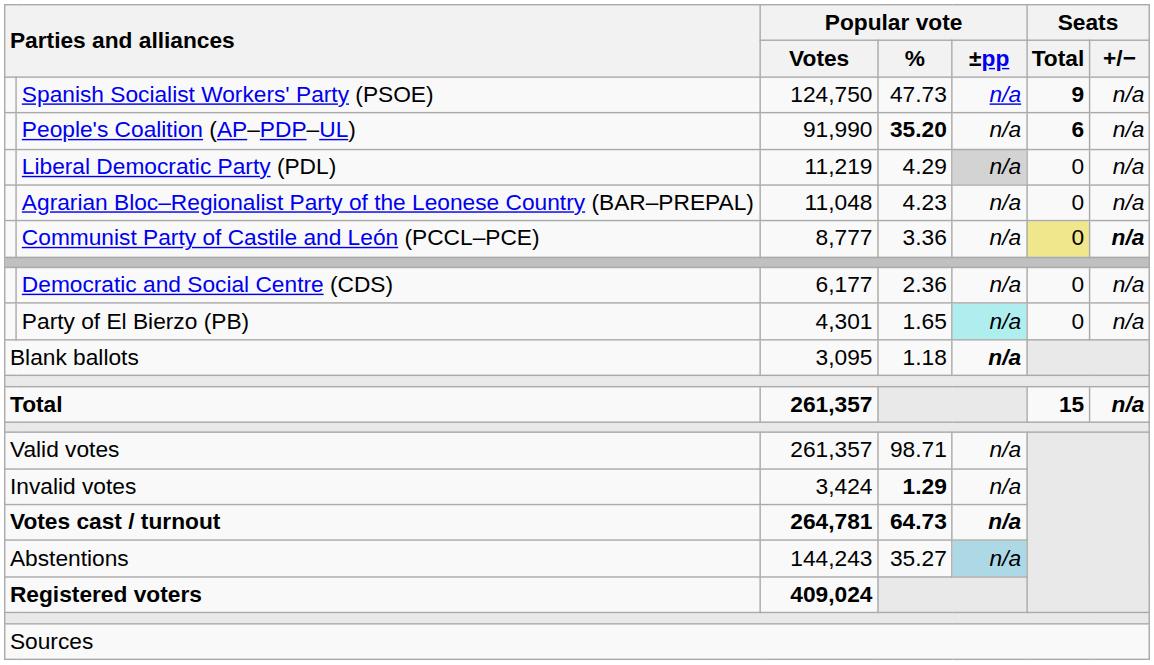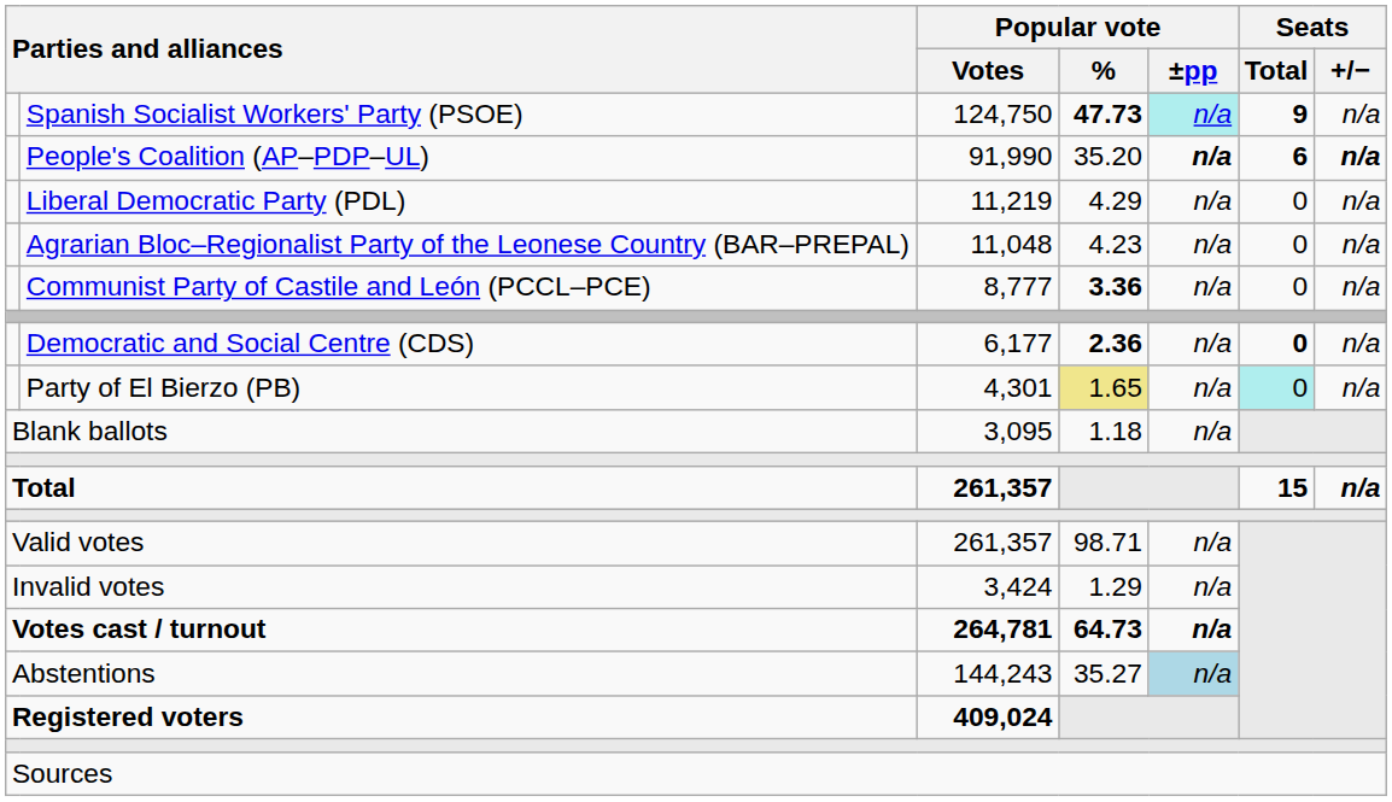 <table class="wikitable" style="text-align:right;">
 <tr>
 <th style="text-align:left;" rowspan="2" colspan="2" width="525">Parties and alliances</th>
 <th colspan="3">Popular vote</th>
 <th colspan="2">Seats</th>
 </tr>
 <tr>
 <th width="75">Votes</th>
 <th width="45">%</th>
 <th width="45">±<a href='#'>pp</a></th>
 <th width="35">Total</th>
 <th width="35">+/−</th>
 </tr>
 <tr>
 <td width="1" style="color:inherit;background:"></td>
 <td align="left"><a href='#'>Spanish Socialist Workers' Party</a> (PSOE)</td>
 <td>124,750</td>
-<td>47.73</td>
-<td><em><a href='#'>n/a</a></em></td>
+<td><strong>47.73</strong></td>
+<td style="background: paleturquoise;"><em><a href='#'>n/a</a></em></td>
 <td><strong>9</strong></td>
 <td><em>n/a</em></td>
 </tr>
 <tr>
 <td style="color:inherit;background:"></td>
 <td align="left"><a href='#'>People's Coalition</a> (<a href='#'>AP</a>–<a href='#'>PDP</a>–<a href='#'>UL</a>)</td>
 <td>91,990</td>
-<td><strong>35.20</strong></td>
-<td><em>n/a</em></td>
+<td>35.20</td>
+<td><strong><em>n/a</em></strong></td>
 <td><strong>6</strong></td>
-<td><em>n/a</em></td>
+<td><strong><em>n/a</em></strong></td>
 </tr>
 <tr>
 <td style="color:inherit;background:"></td>
 <td align="left"><a href='#'>Liberal Democratic Party</a> (PDL)</td>
 <td>11,219</td>
 <td>4.29</td>
-<td style="background: lightgrey;"><em>n/a</em></td>
+<td><em>n/a</em></td>
 <td>0</td>
 <td><em>n/a</em></td>
 </tr>
 <tr>
 <td style="color:inherit;background:"></td>
 <td align="left"><a href='#'>Agrarian Bloc–Regionalist Party of the Leonese Country</a> (BAR–PREPAL)</td>
 <td>11,048</td>
 <td>4.23</td>
 <td><em>n/a</em></td>
 <td>0</td>
 <td><em>n/a</em></td>
 </tr>
 <tr>
 <td style="color:inherit;background:"></td>
 <td align="left"><a href='#'>Communist Party of Castile and León</a> (PCCL–PCE)</td>
 <td>8,777</td>
-<td>3.36</td>
+<td><strong>3.36</strong></td>
 <td><em>n/a</em></td>
-<td style="background: khaki;">0</td>
-<td><strong><em>n/a</em></strong></td>
+<td>0</td>
+<td><em>n/a</em></td>
 </tr>
 <tr>
 <td colspan="7" bgcolor="#C0C0C0"></td>
 </tr>
 <tr>
 <td style="color:inherit;background:"></td>
 <td align="left"><a href='#'>Democratic and Social Centre</a> (CDS)</td>
 <td>6,177</td>
-<td>2.36</td>
+<td><strong>2.36</strong></td>
 <td><em>n/a</em></td>
-<td>0</td>
+<td><strong>0</strong></td>
 <td><em>n/a</em></td>
 </tr>
 <tr>
 <td style="color:inherit;background:"></td>
 <td align="left">Party of El Bierzo (PB)</td>
 <td>4,301</td>
-<td>1.65</td>
-<td style="background: paleturquoise;"><em>n/a</em></td>
-<td>0</td>
+<td style="background: khaki;">1.65</td>
+<td><em>n/a</em></td>
+<td style="background: paleturquoise;">0</td>
 <td><em>n/a</em></td>
 </tr>
 <tr>
 <td align="left" colspan="2">Blank ballots</td>
 <td>3,095</td>
 <td>1.18</td>
-<td><strong><em>n/a</em></strong></td>
+<td><em>n/a</em></td>
 <td bgcolor="#E9E9E9" colspan="2"></td>
 </tr>
 <tr>
 <td colspan="7" bgcolor="#E9E9E9"></td>
 </tr>
 <tr style="font-weight:bold;">
 <td align="left" colspan="2">Total</td>
 <td>261,357</td>
 <td bgcolor="#E9E9E9" colspan="2"></td>
 <td>15</td>
 <td><em>n/a</em></td>
 </tr>
 <tr>
 <td colspan="7" bgcolor="#E9E9E9"></td>
 </tr>
 <tr>
 <td align="left" colspan="2">Valid votes</td>
 <td>261,357</td>
 <td>98.71</td>
 <td><em>n/a</em></td>
 <td bgcolor="#E9E9E9" colspan="2" rowspan="5"></td>
 </tr>
 <tr>
 <td align="left" colspan="2">Invalid votes</td>
 <td>3,424</td>
-<td><strong>1.29</strong></td>
+<td>1.29</td>
 <td><em>n/a</em></td>
 </tr>
 <tr style="font-weight:bold;">
 <td align="left" colspan="2">Votes cast / turnout</td>
 <td>264,781</td>
 <td>64.73</td>
 <td><em>n/a</em></td>
 </tr>
 <tr>
 <td align="left" colspan="2">Abstentions</td>
 <td>144,243</td>
 <td>35.27</td>
 <td style="background: lightblue;"><em>n/a</em></td>
 </tr>
 <tr style="font-weight:bold;">
 <td align="left" colspan="2">Registered voters</td>
 <td>409,024</td>
 <td bgcolor="#E9E9E9" colspan="2"></td>
 </tr>
 <tr>
 <td colspan="7" bgcolor="#E9E9E9"></td>
 </tr>
 <tr>
 <td align="left" colspan="7">Sources</td>
 </tr>
 </table>
